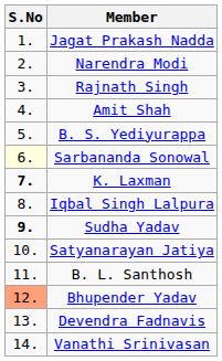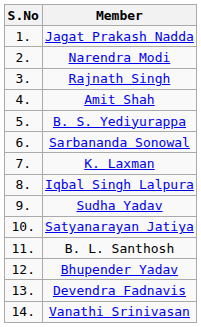 <table class="wikitable sortable" style="text-align:center;">
 <tr>
 <th>S.No</th>
 <th>Member</th>
 </tr>
 <tr>
 <td>1.</td>
 <td><a href='#'>Jagat Prakash Nadda</a></td>
 </tr>
 <tr>
 <td>2.</td>
 <td><a href='#'>Narendra Modi</a></td>
 </tr>
 <tr>
 <td>3.</td>
 <td><a href='#'>Rajnath Singh</a></td>
 </tr>
 <tr>
 <td>4.</td>
 <td><a href='#'>Amit Shah</a></td>
 </tr>
 <tr>
 <td>5.</td>
 <td><a href='#'>B. S. Yediyurappa</a></td>
 </tr>
 <tr>
-<td style="background: lightyellow;">6.</td>
+<td>6.</td>
 <td><a href='#'>Sarbananda Sonowal</a></td>
 </tr>
 <tr>
-<td><strong>7.</strong></td>
+<td>7.</td>
 <td><a href='#'>K. Laxman</a></td>
 </tr>
 <tr>
 <td>8.</td>
 <td><a href='#'>Iqbal Singh Lalpura</a></td>
 </tr>
 <tr>
-<td><strong>9.</strong></td>
+<td>9.</td>
 <td><a href='#'>Sudha Yadav</a></td>
 </tr>
 <tr>
 <td>10.</td>
 <td><a href='#'>Satyanarayan Jatiya</a></td>
 </tr>
 <tr>
 <td>11.</td>
 <td>B. L. Santhosh</td>
 </tr>
 <tr>
-<td style="background: lightsalmon;">12.</td>
+<td>12.</td>
 <td><a href='#'>Bhupender Yadav</a></td>
 </tr>
 <tr>
 <td>13.</td>
 <td><a href='#'>Devendra Fadnavis</a></td>
 </tr>
 <tr>
 <td>14.</td>
 <td><a href='#'>Vanathi Srinivasan</a></td>
 </tr>
 </table>
